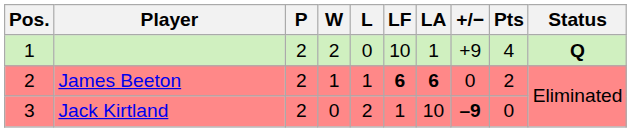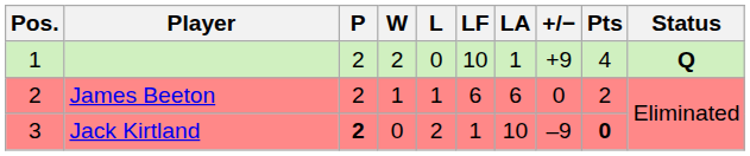 <table class="wikitable" style="text-align:center; margin: 1em auto 1em auto, align:left">
 <tr>
 <th width=20>Pos.</th>
 <th width=185>Player</th>
 <th width=20>P</th>
 <th width=20>W</th>
 <th width=20>L</th>
 <th width=20>LF</th>
 <th width=20>LA</th>
 <th width=25>+/−</th>
 <th width=20>Pts</th>
 <th width=70>Status</th>
 </tr>
 <tr style="background:#D0F0C0;">
 <td>1</td>
 <td align=left></td>
 <td>2</td>
 <td>2</td>
 <td>0</td>
 <td>10</td>
 <td>1</td>
 <td>+9</td>
 <td>4</td>
 <td><strong>Q</strong></td>
 </tr>
 <tr style="background:#FF8888;">
 <td>2</td>
 <td align=left> <a href='#'>James Beeton</a></td>
 <td>2</td>
 <td>1</td>
 <td>1</td>
-<td><strong>6</strong></td>
-<td><strong>6</strong></td>
+<td>6</td>
+<td>6</td>
 <td>0</td>
 <td>2</td>
 <td rowspan=2>Eliminated</td>
 </tr>
 <tr style="background:#FF8888;">
 <td>3</td>
 <td align=left> <a href='#'>Jack Kirtland</a></td>
-<td>2</td>
+<td><strong>2</strong></td>
 <td>0</td>
 <td>2</td>
 <td>1</td>
 <td>10</td>
-<td><strong>–9</strong></td>
-<td>0</td>
+<td>–9</td>
+<td><strong>0</strong></td>
 </tr>
 </table>
